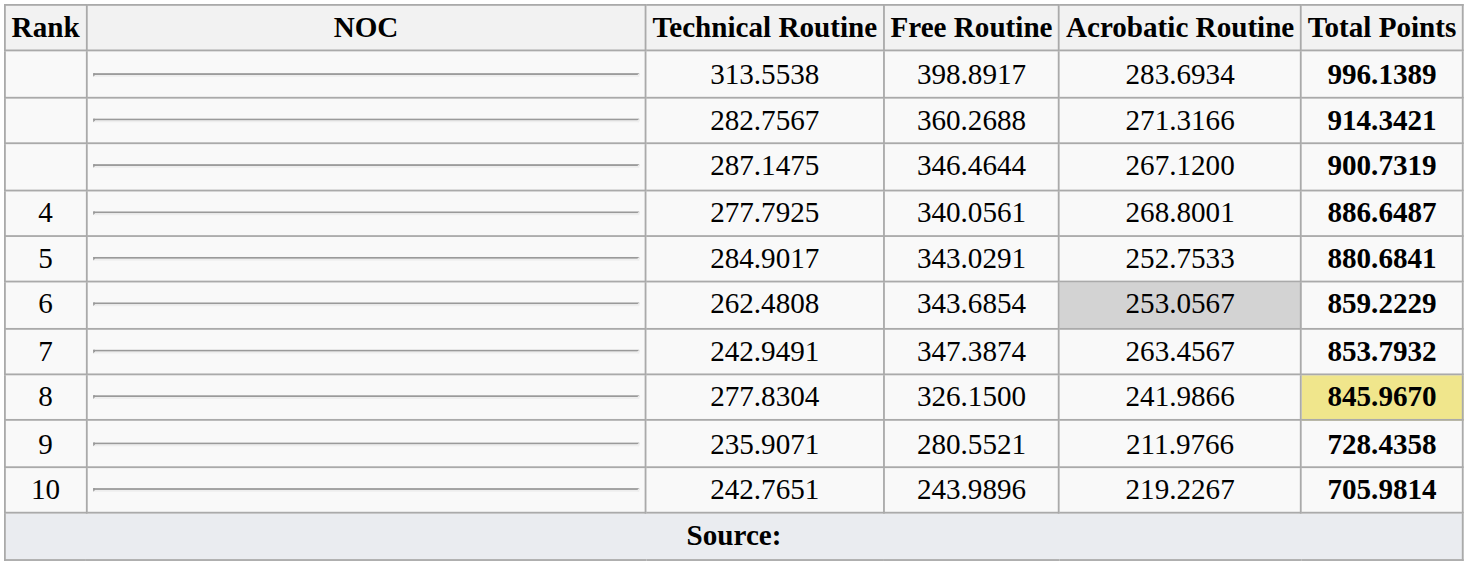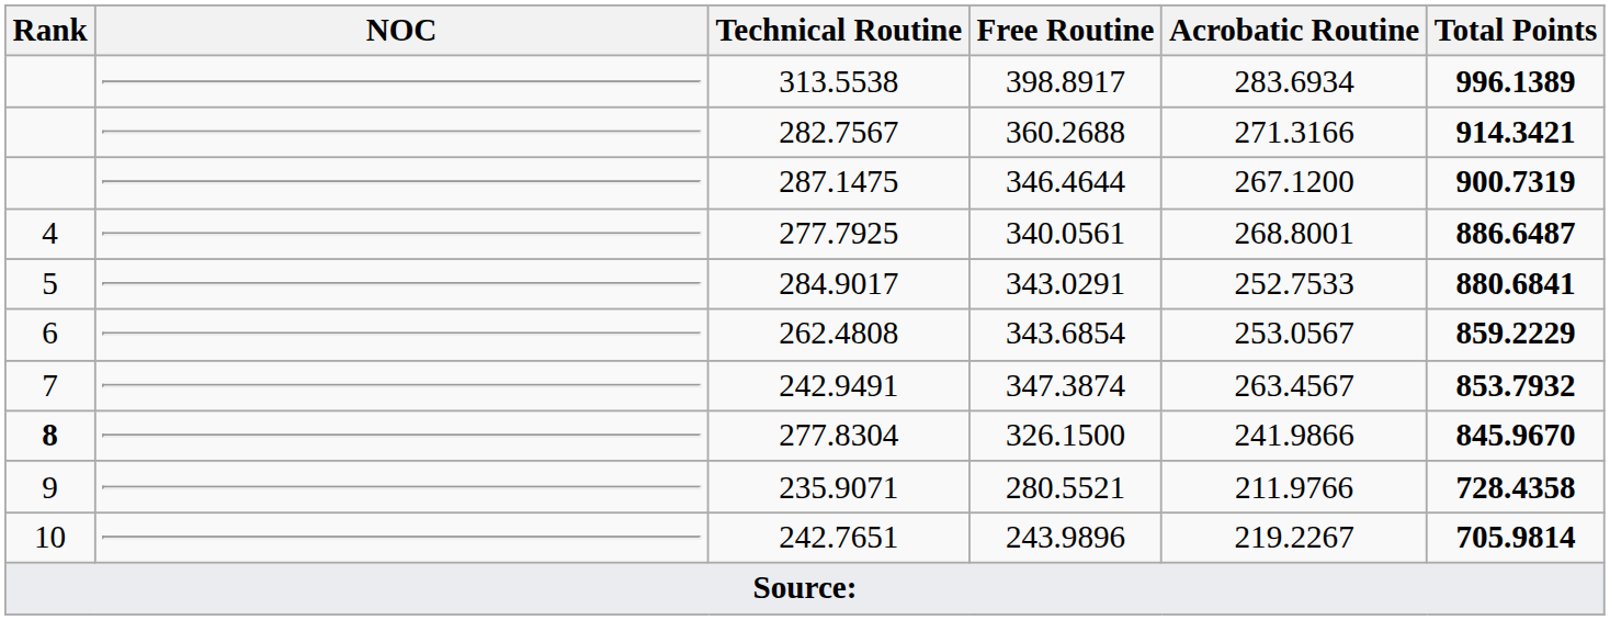 <table class="wikitable sortable" style="text-align:center">
 <tr>
 <th>Rank</th>
 <th width="300">NOC</th>
 <th>Technical Routine</th>
 <th>Free Routine</th>
 <th>Acrobatic Routine</th>
 <th>Total Points</th>
 </tr>
 <tr>
 <td></td>
 <td><hr></td>
 <td>313.5538</td>
 <td>398.8917</td>
 <td>283.6934</td>
 <td><strong>996.1389</strong></td>
 </tr>
 <tr>
 <td></td>
 <td><hr></td>
 <td>282.7567</td>
 <td>360.2688</td>
 <td>271.3166</td>
 <td><strong>914.3421</strong></td>
 </tr>
 <tr>
 <td></td>
 <td><hr></td>
 <td>287.1475</td>
 <td>346.4644</td>
 <td>267.1200</td>
 <td><strong>900.7319</strong></td>
 </tr>
 <tr>
 <td>4</td>
 <td><hr></td>
 <td>277.7925</td>
 <td>340.0561</td>
 <td>268.8001</td>
 <td><strong>886.6487</strong></td>
 </tr>
 <tr>
 <td>5</td>
 <td><hr></td>
 <td>284.9017</td>
 <td>343.0291</td>
 <td>252.7533</td>
 <td><strong>880.6841</strong></td>
 </tr>
 <tr>
 <td>6</td>
 <td><hr></td>
 <td>262.4808</td>
 <td>343.6854</td>
-<td style="background: lightgrey;">253.0567</td>
+<td>253.0567</td>
 <td><strong>859.2229</strong></td>
 </tr>
 <tr>
 <td>7</td>
 <td><hr></td>
 <td>242.9491</td>
 <td>347.3874</td>
 <td>263.4567</td>
 <td><strong>853.7932</strong></td>
 </tr>
 <tr>
-<td>8</td>
+<td><strong>8</strong></td>
 <td><hr></td>
 <td>277.8304</td>
 <td>326.1500</td>
 <td>241.9866</td>
-<td style="background: khaki;"><strong>845.9670</strong></td>
+<td><strong>845.9670</strong></td>
 </tr>
 <tr>
 <td>9</td>
 <td><hr></td>
 <td>235.9071</td>
 <td>280.5521</td>
 <td>211.9766</td>
 <td><strong>728.4358</strong></td>
 </tr>
 <tr>
 <td>10</td>
 <td><hr></td>
 <td>242.7651</td>
 <td>243.9896</td>
 <td>219.2267</td>
 <td><strong>705.9814</strong></td>
 </tr>
 <tr>
 <th colspan="6" style="background-color:#EAECF0;text-align:center"><strong>Source:</strong></th>
 </tr>
 </table>
